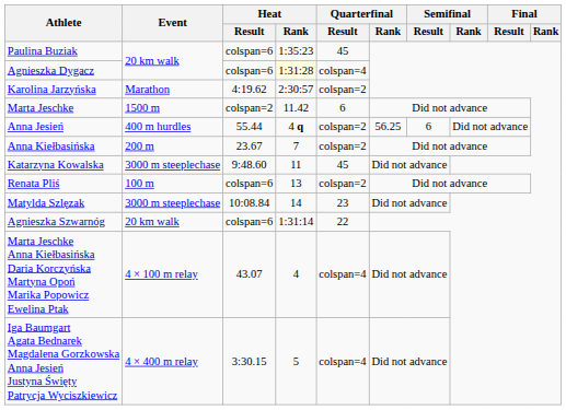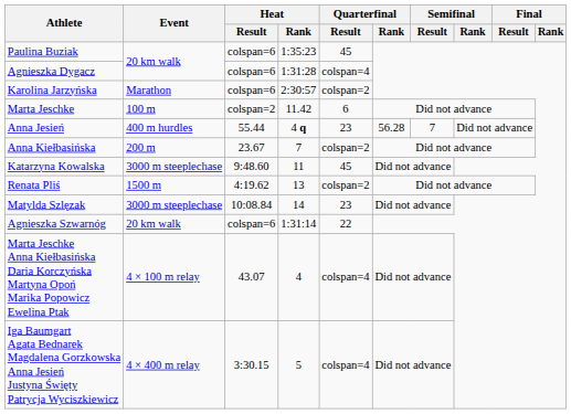 <table class="wikitable" style="font-size:90%">
 <tr>
 <th rowspan="2">Athlete</th>
 <th rowspan="2">Event</th>
 <th colspan="2">Heat</th>
 <th colspan="2">Quarterfinal</th>
 <th colspan="2">Semifinal</th>
 <th colspan="2">Final</th>
 </tr>
 <tr style="font-size:95%">
 <th>Result</th>
 <th>Rank</th>
 <th>Result</th>
 <th>Rank</th>
 <th>Result</th>
 <th>Rank</th>
 <th>Result</th>
 <th>Rank</th>
 </tr>
 <tr align=center>
 <td align=left><a href='#'>Paulina Buziak</a></td>
 <td align=left rowspan=2><a href='#'>20 km walk</a></td>
 <td>colspan=6 </td>
 <td>1:35:23</td>
 <td>45</td>
 </tr>
 <tr align=center>
 <td align=left><a href='#'>Agnieszka Dygacz</a></td>
 <td>colspan=6 </td>
-<td style="background: lightyellow;">1:31:28</td>
+<td>1:31:28</td>
 <td>colspan=4 </td>
 </tr>
 <tr align=center>
 <td align=left><a href='#'>Karolina Jarzyńska</a></td>
 <td align=left><a href='#'>Marathon</a></td>
-<td>4:19.62</td>
+<td>colspan=6 </td>
 <td>2:30:57</td>
 <td>colspan=2 </td>
 </tr>
 <tr align=center>
 <td align=left><a href='#'>Marta Jeschke</a></td>
-<td align=left><a href='#'>1500 m</a></td>
+<td align=left><a href='#'>100 m</a></td>
 <td>colspan=2 </td>
 <td>11.42</td>
 <td>6</td>
 <td colspan=4>Did not advance</td>
 </tr>
 <tr align=center>
 <td align=left><a href='#'>Anna Jesień</a></td>
 <td align=left><a href='#'>400 m hurdles</a></td>
 <td>55.44</td>
 <td>4 <strong>q</strong></td>
-<td>colspan=2 </td>
-<td>56.25</td>
-<td>6</td>
+<td>23</td>
+<td>56.28</td>
+<td>7</td>
 <td colspan=2>Did not advance</td>
 </tr>
 <tr align=center>
 <td align=left><a href='#'>Anna Kiełbasińska</a></td>
 <td align=left><a href='#'>200 m</a></td>
 <td>23.67</td>
 <td>7</td>
 <td>colspan=2 </td>
 <td colspan=4>Did not advance</td>
 </tr>
 <tr align=center>
 <td align=left><a href='#'>Katarzyna Kowalska</a></td>
 <td align=left><a href='#'>3000 m steeplechase</a></td>
 <td>9:48.60</td>
 <td>11</td>
 <td>45</td>
 <td colspan=2>Did not advance</td>
 </tr>
 <tr align=center>
 <td align=left><a href='#'>Renata Pliś</a></td>
-<td align=left><a href='#'>100 m</a></td>
-<td>colspan=6 </td>
+<td align=left><a href='#'>1500 m</a></td>
+<td>4:19.62</td>
 <td>13</td>
 <td>colspan=2 </td>
 <td colspan=4>Did not advance</td>
 </tr>
 <tr align=center>
 <td align=left><a href='#'>Matylda Szlęzak</a></td>
 <td align=left><a href='#'>3000 m steeplechase</a></td>
 <td>10:08.84</td>
 <td>14</td>
 <td>23</td>
 <td colspan=2>Did not advance</td>
 </tr>
 <tr align=center>
 <td align=left><a href='#'>Agnieszka Szwarnóg</a></td>
 <td align=left><a href='#'>20 km walk</a></td>
 <td>colspan=6 </td>
 <td>1:31:14</td>
 <td>22</td>
 </tr>
 <tr align=center>
 <td align=left><a href='#'>Marta Jeschke</a><br><a href='#'>Anna Kiełbasińska</a><br><a href='#'>Daria Korczyńska</a><br><a href='#'>Martyna Opoń</a><br><a href='#'>Marika Popowicz</a><br><a href='#'>Ewelina Ptak</a></td>
 <td align=left><a href='#'>4 × 100 m relay</a></td>
 <td>43.07</td>
 <td>4</td>
 <td>colspan=4 </td>
 <td colspan=2>Did not advance</td>
 </tr>
 <tr align=center>
 <td align=left><a href='#'>Iga Baumgart</a><br><a href='#'>Agata Bednarek</a><br><a href='#'>Magdalena Gorzkowska</a><br><a href='#'>Anna Jesień</a><br><a href='#'>Justyna Święty</a><br><a href='#'>Patrycja Wyciszkiewicz</a></td>
 <td align=left><a href='#'>4 × 400 m relay</a></td>
 <td>3:30.15</td>
 <td>5</td>
 <td>colspan=4 </td>
 <td colspan=2>Did not advance</td>
 </tr>
 </table>
